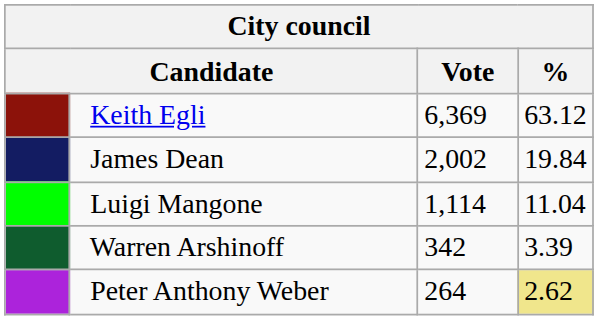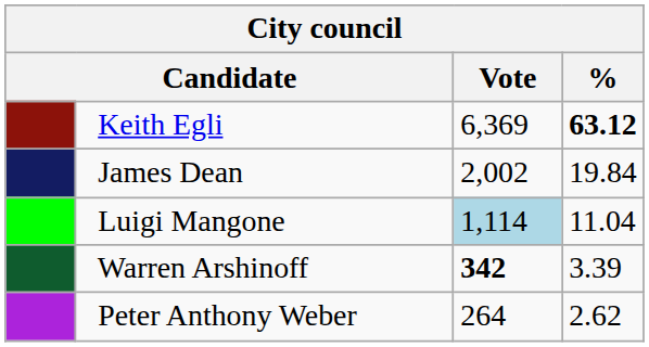 <table class="wikitable">
 <tr>
 <th colspan="4">City council</th>
 </tr>
 <tr>
 <th bgcolor="#DDDDFF" width="230px" colspan="2">Candidate</th>
 <th bgcolor="#DDDDFF" width="50px">Vote</th>
 <th bgcolor="#DDDDFF" width="30px">%</th>
 </tr>
 <tr>
 <td bgcolor=#8C120A width="30px"> </td>
 <td>  <a href='#'>Keith Egli</a></td>
 <td>6,369</td>
-<td>63.12</td>
+<td><strong>63.12</strong></td>
 </tr>
 <tr>
 <td bgcolor=#131C62 width="30px"> </td>
 <td>  James Dean</td>
 <td>2,002</td>
 <td>19.84</td>
 </tr>
 <tr>
 <td bgcolor=#00FF00 width="30px"> </td>
 <td>  Luigi Mangone</td>
-<td>1,114</td>
+<td style="background: lightblue;">1,114</td>
 <td>11.04</td>
 </tr>
 <tr>
 <td bgcolor=#0f5c2e width="30px"> </td>
 <td>  Warren Arshinoff</td>
-<td>342</td>
+<td><strong>342</strong></td>
 <td>3.39</td>
 </tr>
 <tr>
 <td bgcolor=#AC23DB width="30px"> </td>
 <td>  Peter Anthony Weber</td>
 <td>264</td>
-<td style="background: khaki;">2.62</td>
+<td>2.62</td>
 </tr>
 </table>
